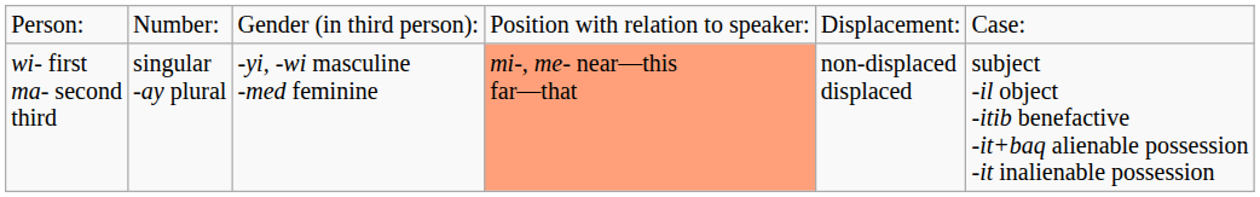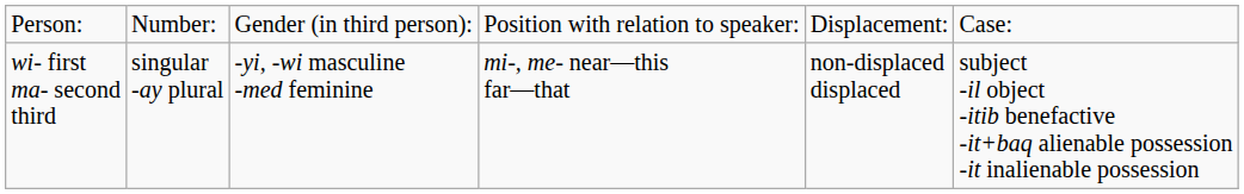 <table class="wikitable">
 <tr>
 <td>Person:</td>
 <td>Number:</td>
 <td>Gender (in third person):</td>
 <td>Position with relation to speaker:</td>
 <td>Displacement:</td>
 <td>Case:</td>
 </tr>
 <tr valign="top">
 <td><em>wi-</em> first<br><em>ma-</em> second<br>third</td>
 <td>singular<br><em>-ay</em> plural</td>
 <td><em>-yi, -wi</em> masculine<br><em>-med</em> feminine</td>
-<td style="background: lightsalmon;"><em>mi-, me-</em> near—this<br>far—that</td>
+<td><em>mi-, me-</em> near—this<br>far—that</td>
 <td>non-displaced<br>displaced</td>
 <td>subject<br><em>-il</em> object<br><em>-itib</em> benefactive<br><em>-it+baq</em> alienable possession<br><em>-it</em> inalienable possession</td>
 </tr>
 </table>
